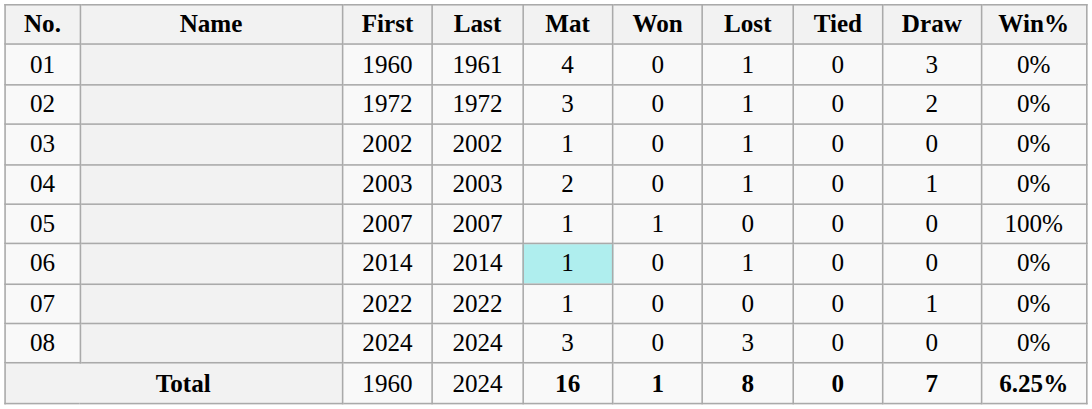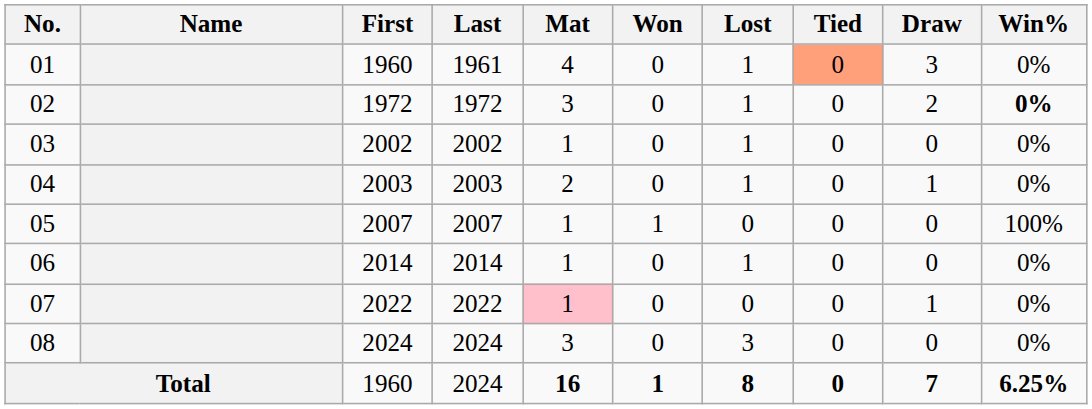 <table class="wikitable sortable plainrowheaders" style="margin: 1em auto 1em auto">
 <tr>
 <th width="40" scope="col">No.</th>
 <th width="160" scope="col">Name</th>
 <th width="50" scope="col">First</th>
 <th width="50" scope="col">Last</th>
 <th width="50" scope="col">Mat</th>
 <th width="50" scope="col">Won</th>
 <th width="50" scope="col">Lost</th>
 <th width="50" scope="col">Tied</th>
 <th width="55" scope="col">Draw</th>
 <th width="60" scope="col">Win%</th>
 </tr>
 <tr align=center>
 <td><span>0</span>1</td>
 <th align=left scope="row"></th>
 <td>1960</td>
 <td>1961</td>
 <td>4</td>
 <td>0</td>
 <td>1</td>
-<td>0</td>
+<td style="background: lightsalmon;">0</td>
 <td>3</td>
 <td>0%</td>
 </tr>
 <tr align=center>
 <td><span>0</span>2</td>
 <th align=left scope="row"></th>
 <td>1972</td>
 <td>1972</td>
 <td>3</td>
 <td>0</td>
 <td>1</td>
 <td>0</td>
 <td>2</td>
-<td>0%</td>
+<td><strong>0%</strong></td>
 </tr>
 <tr align=center>
 <td><span>0</span>3</td>
 <th align=left scope="row"></th>
 <td>2002</td>
 <td>2002</td>
 <td>1</td>
 <td>0</td>
 <td>1</td>
 <td>0</td>
 <td>0</td>
 <td>0%</td>
 </tr>
 <tr align=center>
 <td><span>0</span>4</td>
 <th align=left scope="row"></th>
 <td>2003</td>
 <td>2003</td>
 <td>2</td>
 <td>0</td>
 <td>1</td>
 <td>0</td>
 <td>1</td>
 <td>0%</td>
 </tr>
 <tr align=center>
 <td><span>0</span>5</td>
 <th align=left scope="row"></th>
 <td>2007</td>
 <td>2007</td>
 <td>1</td>
 <td>1</td>
 <td>0</td>
 <td>0</td>
 <td>0</td>
 <td>100%</td>
 </tr>
 <tr align=center>
 <td><span>0</span>6</td>
 <th align=left scope="row"></th>
 <td>2014</td>
 <td>2014</td>
-<td style="background: paleturquoise;">1</td>
+<td>1</td>
 <td>0</td>
 <td>1</td>
 <td>0</td>
 <td>0</td>
 <td>0%</td>
 </tr>
 <tr align=center>
 <td><span>0</span>7</td>
 <th align=left scope="row"></th>
 <td>2022</td>
 <td>2022</td>
-<td>1</td>
+<td style="background: pink;">1</td>
 <td>0</td>
 <td>0</td>
 <td>0</td>
 <td>1</td>
 <td>0%</td>
 </tr>
 <tr align=center>
 <td><span>0</span>8</td>
 <th align=left scope="row"></th>
 <td>2024</td>
 <td>2024</td>
 <td>3</td>
 <td>0</td>
 <td>3</td>
 <td>0</td>
 <td>0</td>
 <td>0%</td>
 </tr>
 <tr class="sortbottom" align=center>
 <th colspan=2 align=left scope="row"><strong>   Total</strong></th>
 <td>1960</td>
 <td>2024</td>
 <td><strong>16</strong></td>
 <td><strong>1</strong></td>
 <td><strong>8</strong></td>
 <td><strong>0</strong></td>
 <td><strong>7</strong></td>
 <td><strong>6.25%</strong></td>
 </tr>
 </table>
